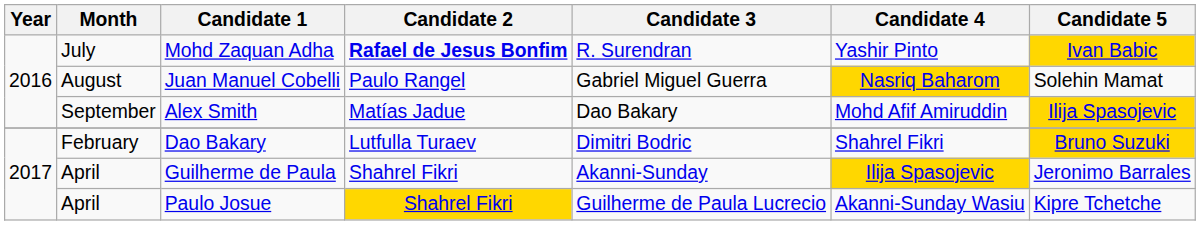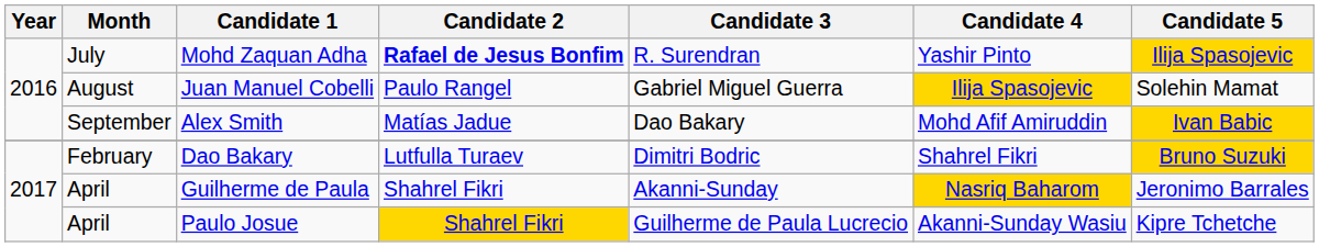 <table class="wikitable">
 <tr>
 <th>Year</th>
 <th>Month</th>
 <th>Candidate 1</th>
 <th>Candidate 2</th>
 <th>Candidate 3</th>
 <th>Candidate 4</th>
 <th>Candidate 5</th>
 </tr>
 <tr>
 <td rowspan=3>2016</td>
 <td>July</td>
 <td><a href='#'>Mohd Zaquan Adha</a></td>
 <td><strong><a href='#'>Rafael de Jesus Bonfim</a></strong></td>
 <td><a href='#'>R. Surendran</a></td>
 <td><a href='#'>Yashir Pinto</a></td>
-<td align=center style="background-color:#ffd700"><a href='#'>Ivan Babic</a></td>
+<td align=center style="background-color:#ffd700"><a href='#'>Ilija Spasojevic</a></td>
 </tr>
 <tr>
 <td>August</td>
 <td><a href='#'>Juan Manuel Cobelli</a></td>
 <td><a href='#'>Paulo Rangel</a></td>
 <td>Gabriel Miguel Guerra</td>
-<td align=center style="background-color:#ffd700"> <a href='#'>Nasriq Baharom</a></td>
+<td align=center style="background-color:#ffd700"><a href='#'>Ilija Spasojevic</a></td>
 <td>Solehin Mamat</td>
 </tr>
 <tr>
 <td>September</td>
 <td><a href='#'>Alex Smith</a></td>
 <td><a href='#'>Matías Jadue</a></td>
 <td>Dao Bakary</td>
 <td><a href='#'>Mohd Afif Amiruddin</a></td>
-<td align=center style="background-color:#ffd700"><a href='#'>Ilija Spasojevic</a></td>
+<td align=center style="background-color:#ffd700"><a href='#'>Ivan Babic</a></td>
 </tr>
 <tr>
 </tr>
 <tr>
 <td rowspan=3>2017</td>
 <td>February</td>
 <td> <a href='#'>Dao Bakary</a></td>
 <td> <a href='#'>Lutfulla Turaev</a></td>
 <td> <a href='#'>Dimitri Bodric</a></td>
 <td> <a href='#'>Shahrel Fikri</a></td>
 <td align=center style="background-color:#ffd700">  <a href='#'>Bruno Suzuki</a></td>
 </tr>
 <tr>
 <td>April</td>
 <td> <a href='#'>Guilherme de Paula</a></td>
 <td> <a href='#'>Shahrel Fikri</a></td>
 <td> <a href='#'>Akanni-Sunday</a></td>
-<td align=center style="background-color:#ffd700"><a href='#'>Ilija Spasojevic</a></td>
+<td align=center style="background-color:#ffd700"> <a href='#'>Nasriq Baharom</a></td>
 <td> <a href='#'>Jeronimo Barrales</a></td>
 </tr>
 <tr>
 <td>April</td>
 <td> <a href='#'>Paulo Josue</a></td>
 <td align=center style="background-color:#ffd700"> <a href='#'>Shahrel Fikri</a></td>
 <td> <a href='#'>Guilherme de Paula Lucrecio</a></td>
 <td> <a href='#'>Akanni-Sunday Wasiu</a></td>
 <td> <a href='#'>Kipre Tchetche</a></td>
 </tr>
 </table>
